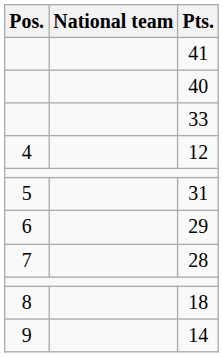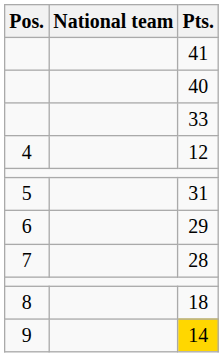 <table class=wikitable style="font-size: 95%">
 <tr>
 <th>Pos.</th>
 <th>National team</th>
 <th>Pts.</th>
 </tr>
 <tr align=center>
 <td></td>
 <td align=left></td>
 <td>41</td>
 </tr>
 <tr align=center>
 <td></td>
 <td align=left></td>
 <td>40</td>
 </tr>
 <tr align=center>
 <td></td>
 <td align=left></td>
 <td>33</td>
 </tr>
 <tr align=center>
 <td>4</td>
 <td align=left></td>
 <td>12</td>
 </tr>
 <tr>
 <td colspan=3 ></td>
 </tr>
 <tr align=center>
 <td>5</td>
 <td align=left></td>
 <td>31</td>
 </tr>
 <tr align=center>
 <td>6</td>
 <td align=left></td>
 <td>29</td>
 </tr>
 <tr align=center>
 <td>7</td>
 <td align=left></td>
 <td>28</td>
 </tr>
 <tr>
 <td colspan=3 ></td>
 </tr>
 <tr align=center>
 <td>8</td>
 <td align=left></td>
 <td>18</td>
 </tr>
 <tr align=center>
 <td>9</td>
 <td align=left></td>
-<td>14</td>
+<td style="background: gold;">14</td>
 </tr>
 </table>
